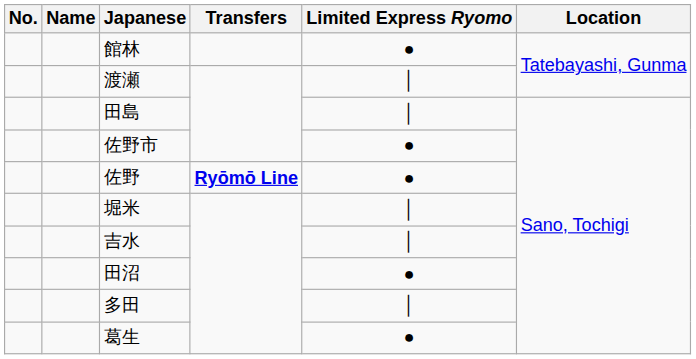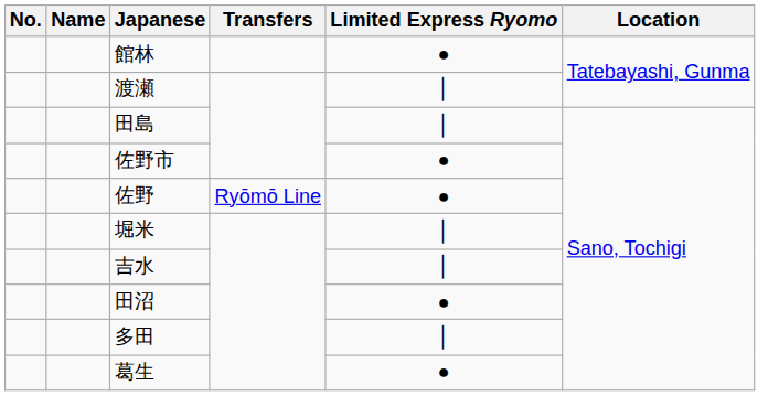 <table class="wikitable">
 <tr>
 <th>No.</th>
 <th>Name</th>
 <th>Japanese</th>
 <th>Transfers</th>
 <th>Limited Express <em>Ryomo</em></th>
 <th>Location</th>
 </tr>
 <tr>
 <td></td>
 <td></td>
 <td>館林</td>
 <td></td>
 <td style="text-align:center;">●</td>
 <td rowspan="2"><a href='#'>Tatebayashi, Gunma</a></td>
 </tr>
 <tr>
 <td></td>
 <td></td>
 <td>渡瀬</td>
 <td rowspan="3"> </td>
 <td style="text-align:center;">│</td>
 </tr>
 <tr>
 <td></td>
 <td></td>
 <td>田島</td>
 <td style="text-align:center;">│</td>
 <td rowspan="8"><a href='#'>Sano, Tochigi</a></td>
 </tr>
 <tr>
 <td></td>
 <td></td>
 <td>佐野市</td>
 <td style="text-align:center;">●</td>
 </tr>
 <tr>
 <td></td>
 <td></td>
 <td>佐野</td>
-<td><strong> <a href='#'>Ryōmō Line</a></strong></td>
+<td> <a href='#'>Ryōmō Line</a></td>
 <td style="text-align:center;">●</td>
 </tr>
 <tr>
 <td></td>
 <td></td>
 <td>堀米</td>
 <td rowspan="5"> </td>
 <td style="text-align:center;">│</td>
 </tr>
 <tr>
 <td></td>
 <td></td>
 <td>吉水</td>
 <td style="text-align:center;">│</td>
 </tr>
 <tr>
 <td></td>
 <td></td>
 <td>田沼</td>
 <td style="text-align:center;">●</td>
 </tr>
 <tr>
 <td></td>
 <td></td>
 <td>多田</td>
 <td style="text-align:center;">│</td>
 </tr>
 <tr>
 <td></td>
 <td></td>
 <td>葛生</td>
 <td style="text-align:center;">●</td>
 </tr>
 </table>
